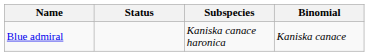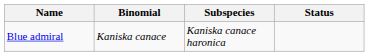 <table width=60% class="wikitable">
 <tr>
 <th width=20%>Name</th>
+<th width=20%>Binomial</th>
+<th width=20%>Subspecies</th>
 <th width=20%>Status</th>
-<th width=20%>Subspecies</th>
-<th width=20%>Binomial</th>
 </tr>
 <tr>
 <td><a href='#'>Blue admiral</a><br> </td>
+<td><em>Kaniska canace</em></td>
+<td><em>Kaniska canace haronica</em></td>
 <td></td>
-<td><em>Kaniska canace haronica</em></td>
-<td><em>Kaniska canace</em></td>
 </tr>
 </table>
